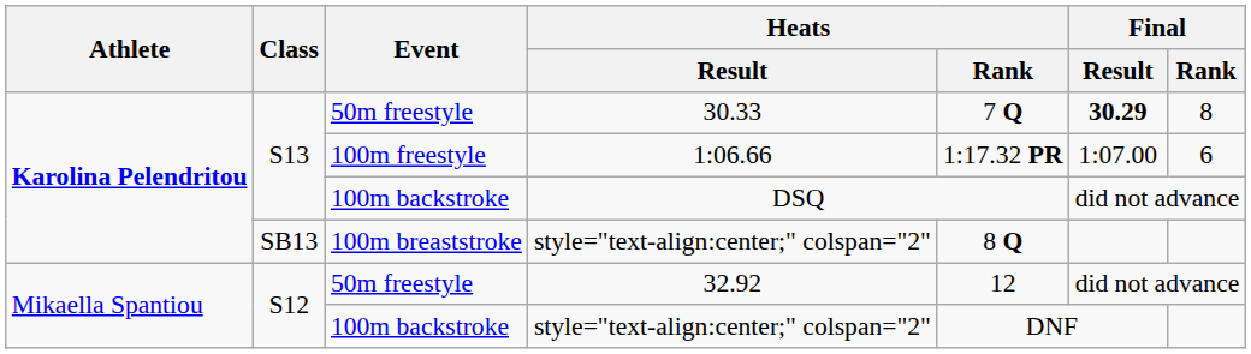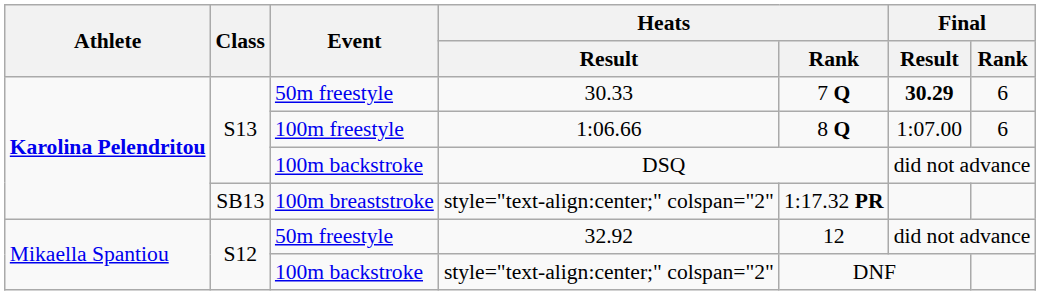 <table class=wikitable style="font-size:90%">
 <tr>
 <th rowspan="2">Athlete</th>
 <th rowspan="2">Class</th>
 <th rowspan="2">Event</th>
 <th colspan="2">Heats</th>
 <th colspan="2">Final</th>
 </tr>
 <tr>
 <th>Result</th>
 <th>Rank</th>
 <th>Result</th>
 <th>Rank</th>
 </tr>
 <tr>
 <td rowspan="4"><strong><a href='#'>Karolina Pelendritou</a></strong></td>
 <td rowspan="3" style="text-align:center;">S13</td>
 <td><a href='#'>50m freestyle</a></td>
 <td style="text-align:center;">30.33</td>
 <td style="text-align:center;">7 <strong>Q</strong></td>
 <td style="text-align:center;"><strong>30.29</strong></td>
-<td style="text-align:center;">8</td>
+<td style="text-align:center;">6</td>
 </tr>
 <tr>
 <td><a href='#'>100m freestyle</a></td>
 <td style="text-align:center;">1:06.66</td>
-<td style="text-align:center;">1:17.32 <strong>PR</strong></td>
+<td style="text-align:center;">8 <strong>Q</strong></td>
 <td style="text-align:center;">1:07.00</td>
 <td style="text-align:center;">6</td>
 </tr>
 <tr>
 <td><a href='#'>100m backstroke</a></td>
 <td style="text-align:center;" colspan="2">DSQ</td>
 <td style="text-align:center;" colspan="2">did not advance</td>
 </tr>
 <tr>
 <td style="text-align:center;">SB13</td>
 <td><a href='#'>100m breaststroke</a></td>
 <td>style="text-align:center;" colspan="2" </td>
-<td style="text-align:center;">8 <strong>Q</strong></td>
+<td style="text-align:center;">1:17.32 <strong>PR</strong></td>
 <td style="text-align:center;"></td>
 </tr>
 <tr>
 <td rowspan="2"><a href='#'>Mikaella Spantiou</a></td>
 <td rowspan="2" style="text-align:center;">S12</td>
 <td><a href='#'>50m freestyle</a></td>
 <td style="text-align:center;">32.92</td>
 <td style="text-align:center;">12</td>
 <td style="text-align:center;" colspan="2">did not advance</td>
 </tr>
 <tr>
 <td><a href='#'>100m backstroke</a></td>
 <td>style="text-align:center;" colspan="2" </td>
 <td style="text-align:center;" colspan="2">DNF</td>
 </tr>
 </table>
